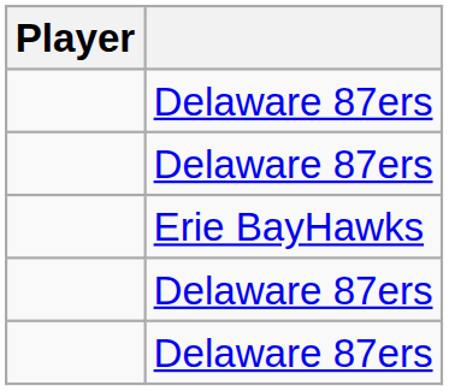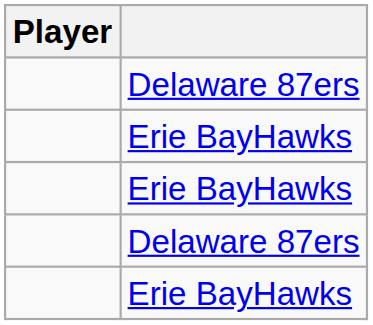 <table class="wikitable sortable" style="text-align:left; font-size:95%">
 <tr>
 <th>Player</th>
 <th></th>
 </tr>
 <tr>
 <td></td>
 <td><a href='#'>Delaware 87ers</a></td>
 </tr>
 <tr>
 <td></td>
-<td><a href='#'>Delaware 87ers</a></td>
+<td><a href='#'>Erie BayHawks</a></td>
 </tr>
 <tr>
 <td></td>
 <td><a href='#'>Erie BayHawks</a></td>
 </tr>
 <tr>
 <td></td>
 <td><a href='#'>Delaware 87ers</a></td>
 </tr>
 <tr>
 <td></td>
-<td><a href='#'>Delaware 87ers</a></td>
+<td><a href='#'>Erie BayHawks</a></td>
 </tr>
 </table>
